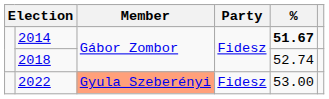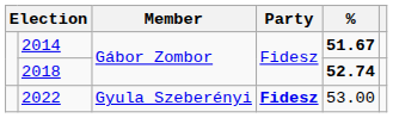 <table class=wikitable>
 <tr>
 <th colspan=2>Election</th>
 <th>Member</th>
 <th>Party</th>
 <th>%</th>
 <th></th>
 </tr>
 <tr>
 <td rowspan=2 bgcolor=></td>
 <td><a href='#'>2014</a></td>
 <td rowspan=2><a href='#'>Gábor Zombor</a></td>
 <td rowspan=2><a href='#'>Fidesz</a></td>
 <td align=right><strong>51.67</strong></td>
 <td align=center></td>
 </tr>
 <tr>
 <td><a href='#'>2018</a></td>
-<td align=right>52.74</td>
+<td align=right><strong>52.74</strong></td>
 <td align=center></td>
 </tr>
 <tr>
 <td bgcolor=></td>
 <td><a href='#'>2022</a></td>
-<td style="background: lightsalmon;"><a href='#'>Gyula Szeberényi</a></td>
-<td><a href='#'>Fidesz</a></td>
+<td><a href='#'>Gyula Szeberényi</a></td>
+<td><strong><a href='#'>Fidesz</a></strong></td>
 <td align=right>53.00</td>
 <td align=center></td>
 </tr>
 </table>
